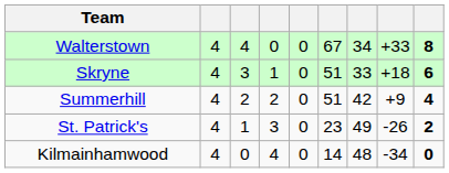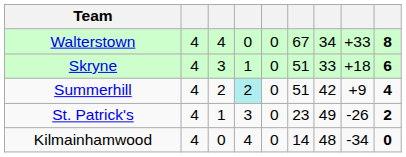 <table class="wikitable" style="text-align:center">
 <tr>
 <th style="width:175px;">Team</th>
 <th width="20"></th>
 <th width="20"></th>
 <th width="20"></th>
 <th width="20"></th>
 <th width="20"></th>
 <th width="20"></th>
 <th width="20"></th>
 <th width="20"></th>
 </tr>
 <tr style="background:#cfc;">
 <td><a href='#'>Walterstown</a></td>
 <td>4</td>
 <td>4</td>
 <td>0</td>
 <td>0</td>
 <td>67</td>
 <td>34</td>
 <td>+33</td>
 <td><strong>8</strong></td>
 </tr>
 <tr style="background:#cfc;">
 <td><a href='#'>Skryne</a></td>
 <td>4</td>
 <td>3</td>
 <td>1</td>
 <td>0</td>
 <td>51</td>
 <td>33</td>
 <td>+18</td>
 <td><strong>6</strong></td>
 </tr>
 <tr>
 <td><a href='#'>Summerhill</a></td>
 <td>4</td>
 <td>2</td>
-<td>2</td>
+<td style="background: paleturquoise;">2</td>
 <td>0</td>
 <td>51</td>
 <td>42</td>
 <td>+9</td>
 <td><strong>4</strong></td>
 </tr>
 <tr>
 <td><a href='#'>St. Patrick's</a></td>
 <td>4</td>
 <td>1</td>
 <td>3</td>
 <td>0</td>
 <td>23</td>
 <td>49</td>
 <td>-26</td>
 <td><strong>2</strong></td>
 </tr>
 <tr>
 <td>Kilmainhamwood</td>
 <td>4</td>
 <td>0</td>
 <td>4</td>
 <td>0</td>
 <td>14</td>
 <td>48</td>
 <td>-34</td>
 <td><strong>0</strong></td>
 </tr>
 </table>
